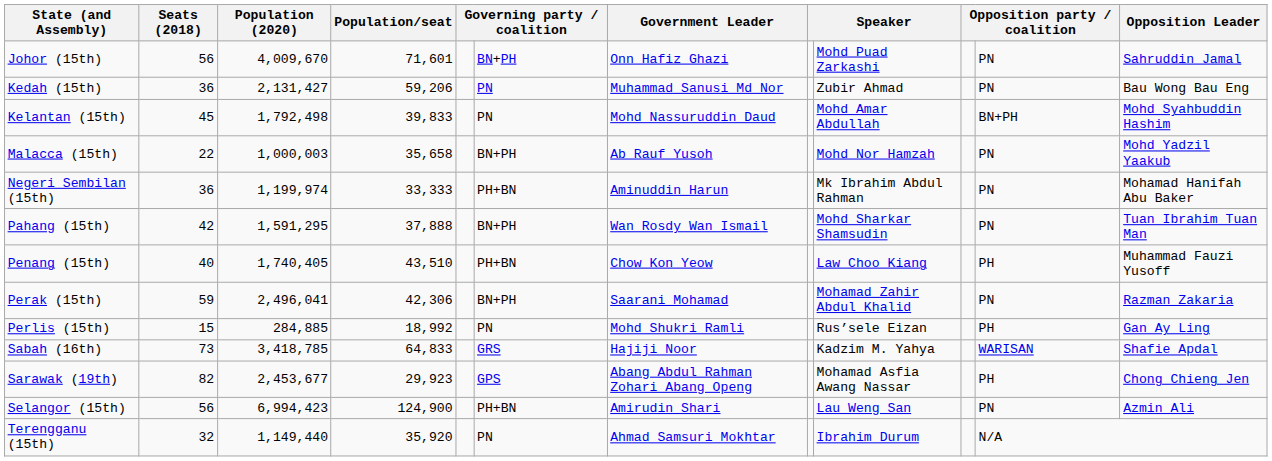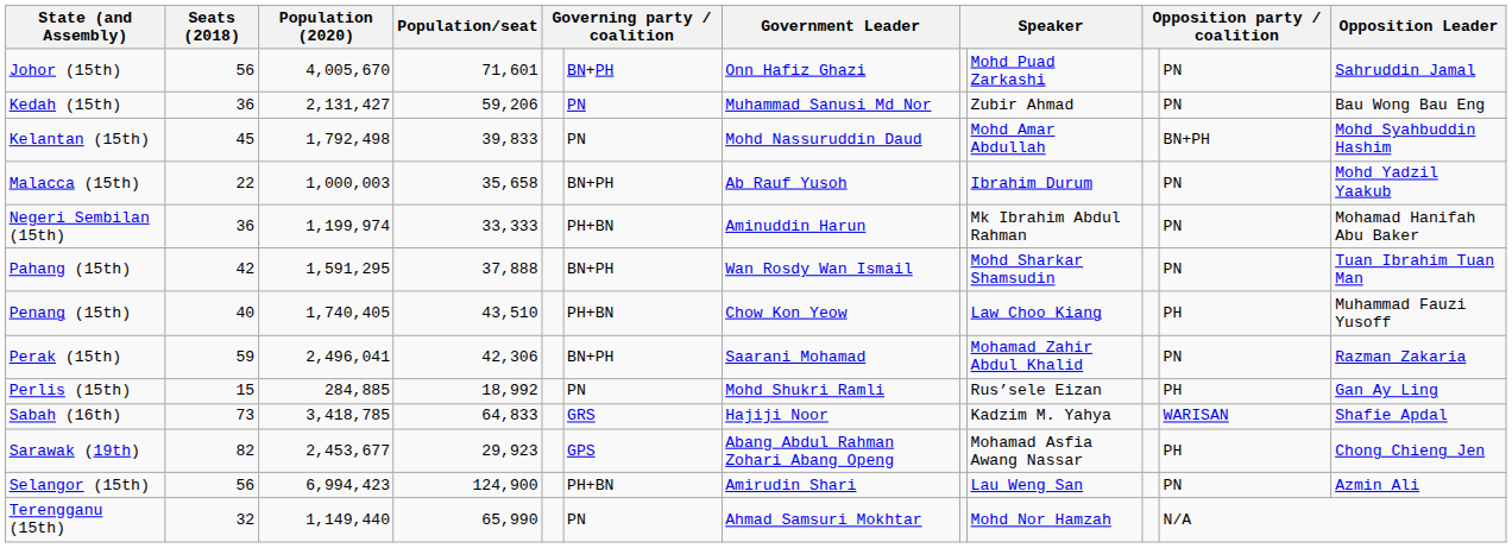 <table class="wikitable sortable">
 <tr>
 <th>State (and Assembly)</th>
 <th>Seats (2018)</th>
 <th>Population (2020)</th>
 <th>Population/seat</th>
 <th colspan="2">Governing party / coalition</th>
 <th>Government Leader</th>
 <th colspan="2">Speaker</th>
 <th colspan="2">Opposition party / coalition</th>
 <th>Opposition Leader</th>
 </tr>
 <tr>
 <td> <a href='#'>Johor</a> (15th)</td>
 <td align="right">56</td>
-<td align="right">4,009,670</td>
+<td align="right">4,005,670</td>
 <td align="right">71,601</td>
 <td></td>
 <td><a href='#'>BN</a>+<a href='#'>PH</a></td>
 <td><a href='#'>Onn Hafiz Ghazi</a></td>
 <td></td>
 <td><a href='#'>Mohd Puad Zarkashi</a></td>
 <td></td>
 <td>PN</td>
 <td><a href='#'>Sahruddin Jamal</a></td>
 </tr>
 <tr>
 <td> <a href='#'>Kedah</a> (15th)</td>
 <td align="right">36</td>
 <td align="right">2,131,427</td>
 <td align="right">59,206</td>
 <td></td>
 <td><a href='#'>PN</a></td>
 <td><a href='#'>Muhammad Sanusi Md Nor</a></td>
 <td></td>
 <td>Zubir Ahmad</td>
 <td></td>
 <td>PN</td>
 <td>Bau Wong Bau Eng</td>
 </tr>
 <tr>
 <td> <a href='#'>Kelantan</a> (15th)</td>
 <td align="right">45</td>
 <td align="right">1,792,498</td>
 <td align="right">39,833</td>
 <td></td>
 <td>PN</td>
 <td><a href='#'>Mohd Nassuruddin Daud</a></td>
 <td></td>
 <td><a href='#'>Mohd Amar Abdullah</a></td>
 <td></td>
 <td>BN+PH</td>
 <td><a href='#'>Mohd Syahbuddin Hashim</a></td>
 </tr>
 <tr>
 <td> <a href='#'>Malacca</a> (15th)</td>
 <td align="right">22</td>
 <td align="right">1,000,003</td>
 <td align="right">35,658</td>
 <td></td>
 <td>BN+PH</td>
 <td><a href='#'>Ab Rauf Yusoh</a></td>
 <td></td>
-<td><a href='#'>Mohd Nor Hamzah</a></td>
+<td><a href='#'>Ibrahim Durum</a></td>
 <td></td>
 <td>PN</td>
 <td><a href='#'>Mohd Yadzil Yaakub</a></td>
 </tr>
 <tr>
 <td> <a href='#'>Negeri Sembilan</a> (15th)</td>
 <td align="right">36</td>
 <td align="right">1,199,974</td>
 <td align="right">33,333</td>
 <td></td>
 <td>PH+BN</td>
 <td><a href='#'>Aminuddin Harun</a></td>
 <td></td>
 <td>Mk Ibrahim Abdul Rahman</td>
 <td></td>
 <td>PN</td>
 <td>Mohamad Hanifah Abu Baker</td>
 </tr>
 <tr>
 <td> <a href='#'>Pahang</a> (15th)</td>
 <td align="right">42</td>
 <td align="right">1,591,295</td>
 <td align="right">37,888</td>
 <td></td>
 <td>BN+PH</td>
 <td><a href='#'>Wan Rosdy Wan Ismail</a></td>
 <td></td>
 <td><a href='#'>Mohd Sharkar Shamsudin</a></td>
 <td></td>
 <td>PN</td>
 <td><a href='#'>Tuan Ibrahim Tuan Man</a></td>
 </tr>
 <tr>
 <td> <a href='#'>Penang</a> (15th)</td>
 <td align="right">40</td>
 <td align="right">1,740,405</td>
 <td align="right">43,510</td>
 <td></td>
 <td>PH+BN</td>
 <td><a href='#'>Chow Kon Yeow</a></td>
 <td></td>
 <td><a href='#'>Law Choo Kiang</a></td>
 <td></td>
 <td>PH</td>
 <td>Muhammad Fauzi Yusoff</td>
 </tr>
 <tr>
 <td> <a href='#'>Perak</a> (15th)</td>
 <td align="right">59</td>
 <td align="right">2,496,041</td>
 <td align="right">42,306</td>
 <td></td>
 <td>BN+PH</td>
 <td><a href='#'>Saarani Mohamad</a></td>
 <td></td>
 <td><a href='#'>Mohamad Zahir Abdul Khalid</a></td>
 <td></td>
 <td>PN</td>
 <td><a href='#'>Razman Zakaria</a></td>
 </tr>
 <tr>
 <td> <a href='#'>Perlis</a> (15th)</td>
 <td align="right">15</td>
 <td align="right">284,885</td>
 <td align="right">18,992</td>
 <td></td>
 <td>PN</td>
 <td><a href='#'>Mohd Shukri Ramli</a></td>
 <td></td>
 <td>Rus’sele Eizan</td>
 <td></td>
 <td>PH</td>
 <td><a href='#'>Gan Ay Ling</a></td>
 </tr>
 <tr>
 <td> <a href='#'>Sabah</a> (16th)</td>
 <td align="right">73</td>
 <td align="right">3,418,785</td>
 <td align="right">64,833</td>
 <td></td>
 <td><a href='#'>GRS</a></td>
 <td><a href='#'>Hajiji Noor</a></td>
 <td></td>
 <td>Kadzim M. Yahya</td>
 <td></td>
 <td><a href='#'>WARISAN</a></td>
 <td><a href='#'>Shafie Apdal</a></td>
 </tr>
 <tr>
 <td> <a href='#'>Sarawak</a> (<a href='#'>19th</a>)</td>
 <td align="right">82</td>
 <td align="right">2,453,677</td>
 <td align="right">29,923</td>
 <td></td>
 <td><a href='#'>GPS</a></td>
 <td><a href='#'>Abang Abdul Rahman Zohari Abang Openg</a></td>
 <td></td>
 <td>Mohamad Asfia Awang Nassar</td>
 <td></td>
 <td>PH</td>
 <td><a href='#'>Chong Chieng Jen</a></td>
 </tr>
 <tr>
 <td> <a href='#'>Selangor</a> (15th)</td>
 <td align="right">56</td>
 <td align="right">6,994,423</td>
 <td align="right">124,900</td>
 <td></td>
 <td>PH+BN</td>
 <td><a href='#'>Amirudin Shari</a></td>
 <td></td>
 <td><a href='#'>Lau Weng San</a></td>
 <td></td>
 <td>PN</td>
 <td><a href='#'>Azmin Ali</a></td>
 </tr>
 <tr>
 <td> <a href='#'>Terengganu</a> (15th)</td>
 <td align="right">32</td>
 <td align="right">1,149,440</td>
-<td align="right">35,920</td>
+<td align="right">65,990</td>
 <td></td>
 <td>PN</td>
 <td><a href='#'>Ahmad Samsuri Mokhtar</a></td>
 <td></td>
-<td><a href='#'>Ibrahim Durum</a></td>
+<td><a href='#'>Mohd Nor Hamzah</a></td>
 <td></td>
 <td colspan=2>N/A</td>
 </tr>
 </table>
